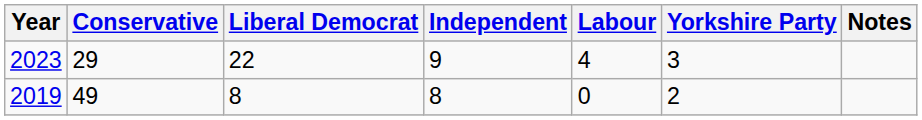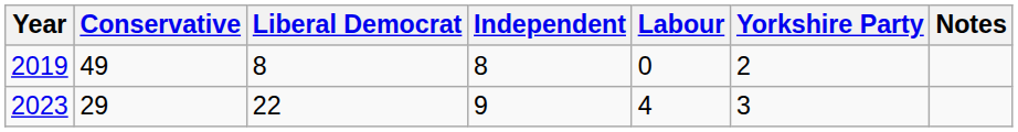 <table class="wikitable">
 <tr>
 <th>Year</th>
 <th><a href='#'>Conservative</a></th>
 <th><a href='#'>Liberal Democrat</a></th>
 <th><a href='#'>Independent</a></th>
 <th><a href='#'>Labour</a></th>
 <th><a href='#'>Yorkshire Party</a></th>
 <th>Notes</th>
 </tr>
 <tr>
+<td><a href='#'>2019</a></td>
+<td>49</td>
+<td>8</td>
+<td>8</td>
+<td>0</td>
+<td>2</td>
+<td><br> </td>
+</tr>
+<tr>
 <td><a href='#'>2023</a></td>
 <td>29</td>
 <td>22</td>
 <td>9</td>
 <td>4</td>
 <td>3</td>
 <td></td>
 </tr>
-<tr>
-<td><a href='#'>2019</a></td>
-<td>49</td>
-<td>8</td>
-<td>8</td>
-<td>0</td>
-<td>2</td>
-<td><br> </td>
-</tr>
 </table>
